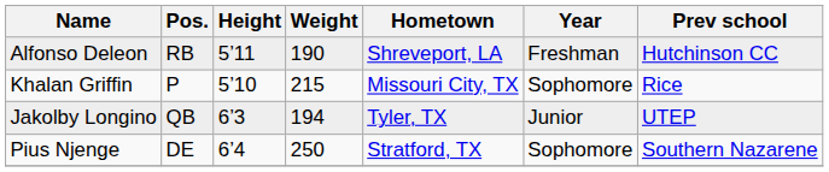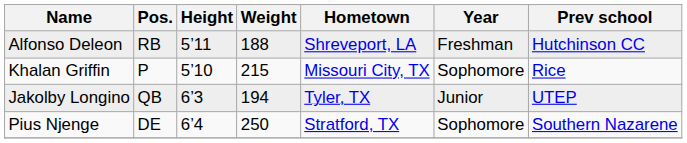 <table class="wikitable sortable">
 <tr>
 <th style="text-align:center; ">Name</th>
 <th style="text-align:center; ">Pos.</th>
 <th style="text-align:center; ">Height</th>
 <th style="text-align:center; ">Weight</th>
 <th style="text-align:center; ">Hometown</th>
 <th style="text-align:center; ">Year</th>
 <th style="text-align:center; ">Prev school</th>
 </tr>
 <tr style="background:#eeeeee;">
 <td>Alfonso Deleon</td>
 <td>RB</td>
 <td>5’11</td>
-<td>190</td>
+<td>188</td>
 <td><a href='#'>Shreveport, LA</a></td>
 <td>Freshman</td>
 <td><a href='#'>Hutchinson CC</a></td>
 </tr>
 <tr>
 <td>Khalan Griffin</td>
 <td>P</td>
 <td>5’10</td>
 <td>215</td>
 <td><a href='#'>Missouri City, TX</a></td>
 <td>Sophomore</td>
 <td><a href='#'>Rice</a></td>
 </tr>
 <tr style="background:#eeeeee;">
 <td>Jakolby Longino</td>
 <td>QB</td>
 <td>6’3</td>
 <td>194</td>
 <td><a href='#'>Tyler, TX</a></td>
 <td>Junior</td>
 <td><a href='#'>UTEP</a></td>
 </tr>
 <tr>
 <td>Pius Njenge</td>
 <td>DE</td>
 <td>6’4</td>
 <td>250</td>
 <td><a href='#'>Stratford, TX</a></td>
 <td>Sophomore</td>
 <td><a href='#'>Southern Nazarene</a></td>
 </tr>
 <tr style="background:#eeeeee;">
 </tr>
 </table>
